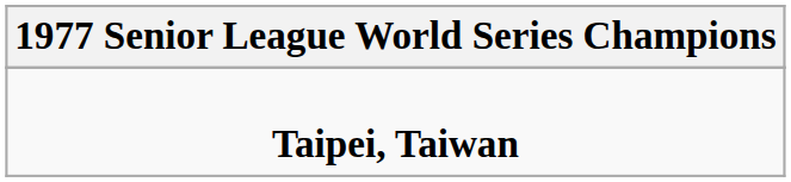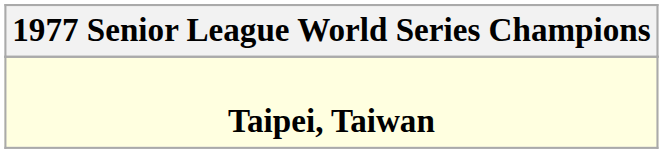 <table class="wikitable" style="text-align: center; margin: 0 auto;">
 <tr>
 <th>1977 Senior League World Series Champions</th>
 </tr>
 <tr>
 </tr>
 <tr>
-<td><br><strong>Taipei, Taiwan</strong></td>
+<td style="background: lightyellow;"><br><strong>Taipei, Taiwan</strong></td>
 </tr>
 </table>
